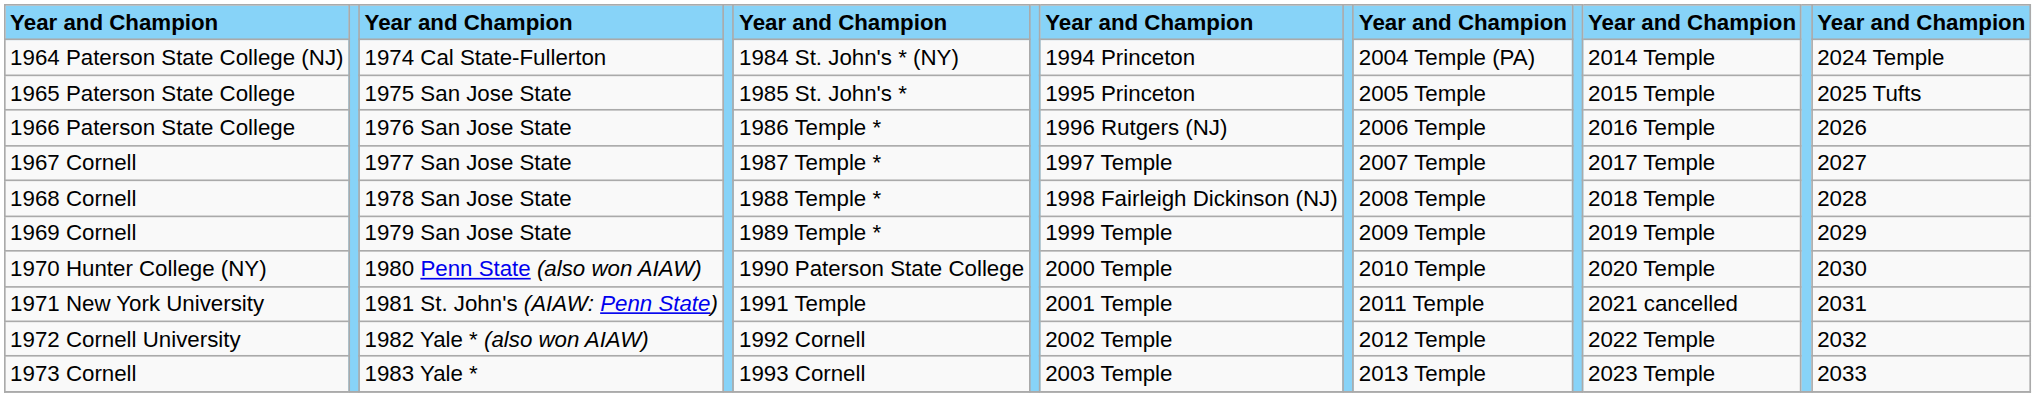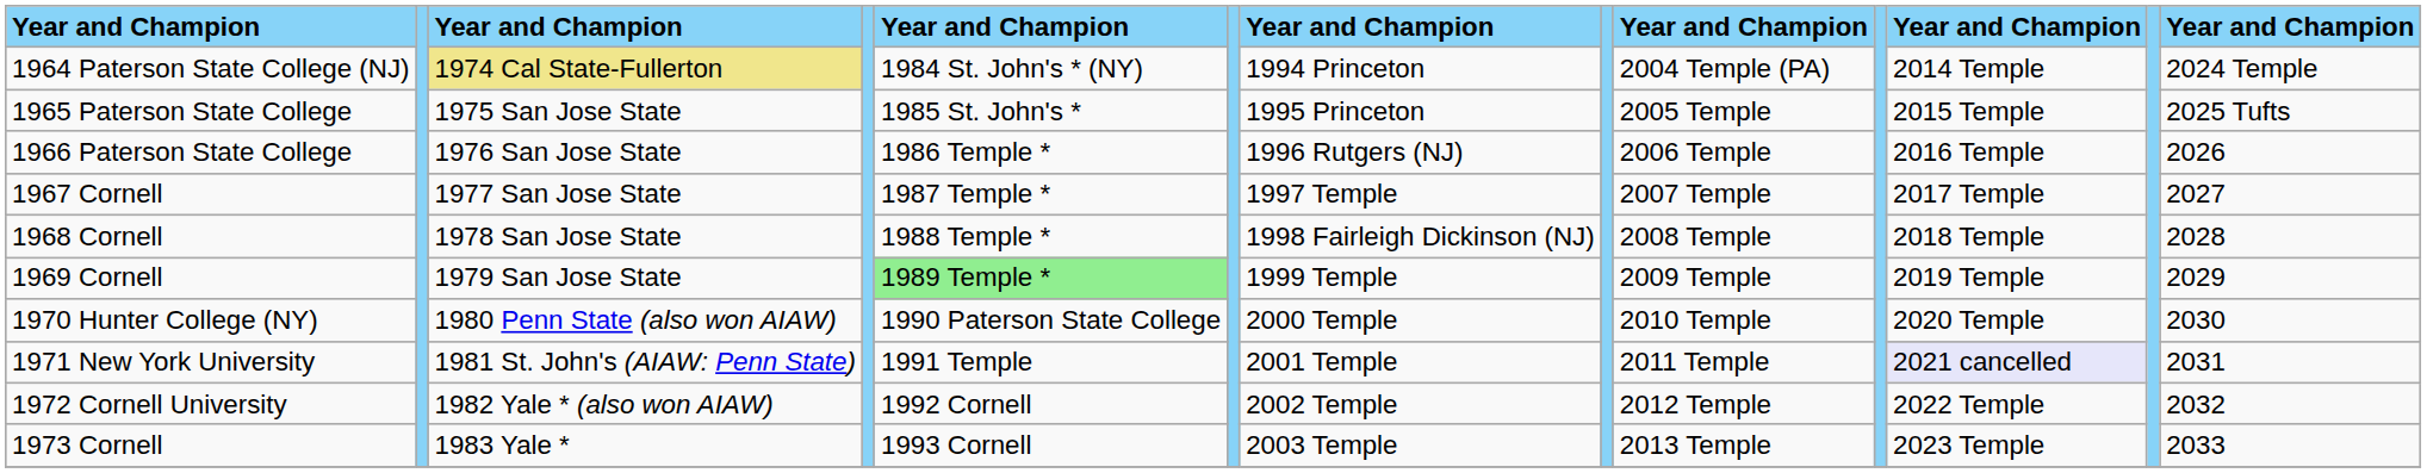 <table class="wikitable" style="font-size:85%;">
 <tr ! style="background-color: #87D3F8;">
 <td><strong>Year and Champion</strong></td>
 <td rowspan=11></td>
 <td><strong>Year and Champion</strong></td>
 <td rowspan=11></td>
 <td><strong>Year and Champion</strong></td>
 <td rowspan=11></td>
 <td><strong>Year and Champion</strong></td>
 <td rowspan=11></td>
 <td><strong>Year and Champion</strong></td>
 <td rowspan=11></td>
 <td><strong>Year and Champion</strong></td>
 <td rowspan=11></td>
 <td><strong>Year and Champion</strong></td>
 </tr>
 <tr --->
 <td>1964 Paterson State College (NJ)</td>
-<td>1974 Cal State-Fullerton</td>
+<td style="background: khaki;">1974 Cal State-Fullerton</td>
 <td>1984 St. John's * (NY)</td>
 <td>1994 Princeton</td>
 <td>2004 Temple (PA)</td>
 <td>2014 Temple</td>
 <td>2024 Temple</td>
 </tr>
 <tr --->
 <td>1965 Paterson State College</td>
 <td>1975 San Jose State</td>
 <td>1985 St. John's *</td>
 <td>1995 Princeton</td>
 <td>2005 Temple</td>
 <td>2015 Temple</td>
 <td>2025 Tufts</td>
 </tr>
 <tr --->
 <td>1966 Paterson State College</td>
 <td>1976 San Jose State</td>
 <td>1986 Temple *</td>
 <td>1996 Rutgers (NJ)</td>
 <td>2006 Temple</td>
 <td>2016 Temple</td>
 <td>2026</td>
 </tr>
 <tr --->
 <td>1967 Cornell</td>
 <td>1977 San Jose State</td>
 <td>1987 Temple *</td>
 <td>1997 Temple</td>
 <td>2007 Temple</td>
 <td>2017 Temple</td>
 <td>2027</td>
 </tr>
 <tr --->
 <td>1968 Cornell</td>
 <td>1978 San Jose State</td>
 <td>1988 Temple *</td>
 <td>1998 Fairleigh Dickinson (NJ)</td>
 <td>2008 Temple</td>
 <td>2018 Temple</td>
 <td>2028</td>
 </tr>
 <tr --->
 <td>1969 Cornell</td>
 <td>1979 San Jose State</td>
-<td>1989 Temple *</td>
+<td style="background: lightgreen;">1989 Temple *</td>
 <td>1999 Temple</td>
 <td>2009 Temple</td>
 <td>2019 Temple</td>
 <td>2029</td>
 </tr>
 <tr --->
 <td>1970 Hunter College (NY)</td>
 <td>1980 <a href='#'>Penn State</a><em> (also won AIAW)</em></td>
 <td>1990 Paterson State College</td>
 <td>2000 Temple</td>
 <td>2010 Temple</td>
 <td>2020 Temple</td>
 <td>2030</td>
 </tr>
 <tr --->
 <td>1971 New York University</td>
 <td>1981 St. John's <em>(AIAW: <a href='#'>Penn State</a>)</em></td>
 <td>1991 Temple</td>
 <td>2001 Temple</td>
 <td>2011 Temple</td>
-<td>2021 cancelled</td>
+<td style="background: lavender;">2021 cancelled</td>
 <td>2031</td>
 </tr>
 <tr --->
 <td>1972 Cornell University</td>
 <td>1982 Yale * <em>(also won AIAW)</em></td>
 <td>1992 Cornell</td>
 <td>2002 Temple</td>
 <td>2012 Temple</td>
 <td>2022 Temple</td>
 <td>2032</td>
 </tr>
 <tr --->
 <td>1973 Cornell</td>
 <td>1983 Yale *</td>
 <td>1993 Cornell</td>
 <td>2003 Temple</td>
 <td>2013 Temple</td>
 <td>2023 Temple</td>
 <td>2033</td>
 </tr>
 <tr --->
 </tr>
 </table>
